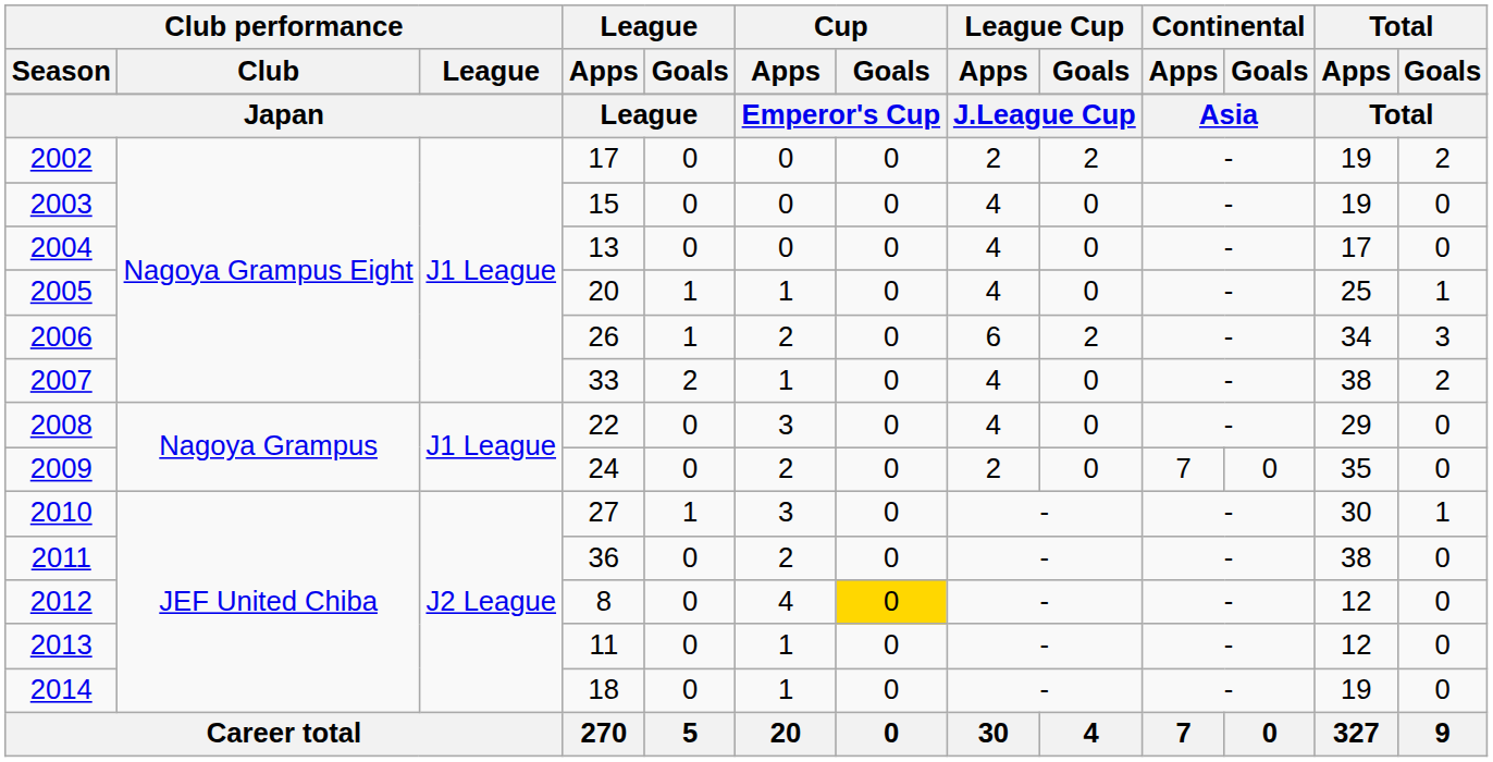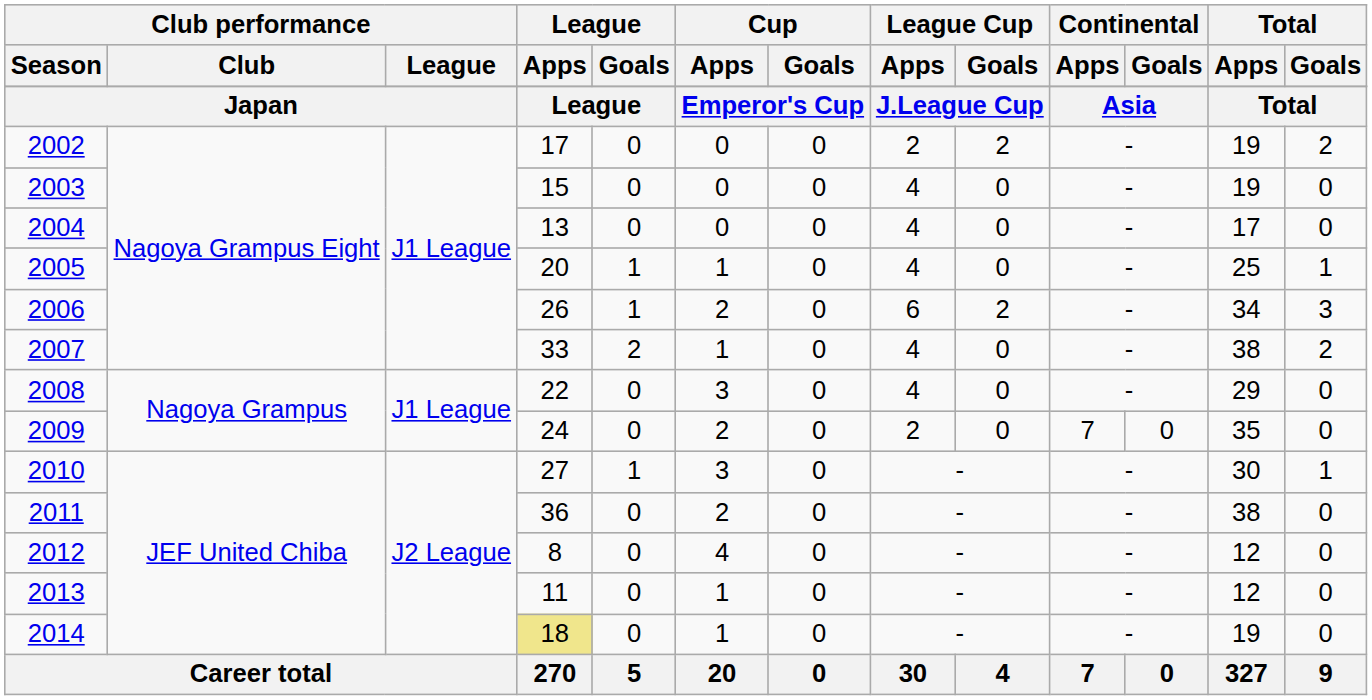 <table class="wikitable" style="text-align:center">
 <tr>
 <th colspan=3>Club performance</th>
 <th colspan=2>League</th>
 <th colspan=2>Cup</th>
 <th colspan=2>League Cup</th>
 <th colspan=2>Continental</th>
 <th colspan=2>Total</th>
 </tr>
 <tr>
 <th>Season</th>
 <th>Club</th>
 <th>League</th>
 <th>Apps</th>
 <th>Goals</th>
 <th>Apps</th>
 <th>Goals</th>
 <th>Apps</th>
 <th>Goals</th>
 <th>Apps</th>
 <th>Goals</th>
 <th>Apps</th>
 <th>Goals</th>
 </tr>
 <tr>
 </tr>
 <tr>
 <th colspan=3>Japan</th>
 <th colspan=2>League</th>
 <th colspan=2><a href='#'>Emperor's Cup</a></th>
 <th colspan=2><a href='#'>J.League Cup</a></th>
 <th colspan=2><a href='#'>Asia</a></th>
 <th colspan=2>Total</th>
 </tr>
 <tr>
 <td><a href='#'>2002</a></td>
 <td rowspan="6"><a href='#'>Nagoya Grampus Eight</a></td>
 <td rowspan="6"><a href='#'>J1 League</a></td>
 <td>17</td>
 <td>0</td>
 <td>0</td>
 <td>0</td>
 <td>2</td>
 <td>2</td>
 <td colspan="2">-</td>
 <td>19</td>
 <td>2</td>
 </tr>
 <tr>
 <td><a href='#'>2003</a></td>
 <td>15</td>
 <td>0</td>
 <td>0</td>
 <td>0</td>
 <td>4</td>
 <td>0</td>
 <td colspan="2">-</td>
 <td>19</td>
 <td>0</td>
 </tr>
 <tr>
 <td><a href='#'>2004</a></td>
 <td>13</td>
 <td>0</td>
 <td>0</td>
 <td>0</td>
 <td>4</td>
 <td>0</td>
 <td colspan="2">-</td>
 <td>17</td>
 <td>0</td>
 </tr>
 <tr>
 <td><a href='#'>2005</a></td>
 <td>20</td>
 <td>1</td>
 <td>1</td>
 <td>0</td>
 <td>4</td>
 <td>0</td>
 <td colspan="2">-</td>
 <td>25</td>
 <td>1</td>
 </tr>
 <tr>
 <td><a href='#'>2006</a></td>
 <td>26</td>
 <td>1</td>
 <td>2</td>
 <td>0</td>
 <td>6</td>
 <td>2</td>
 <td colspan="2">-</td>
 <td>34</td>
 <td>3</td>
 </tr>
 <tr>
 <td><a href='#'>2007</a></td>
 <td>33</td>
 <td>2</td>
 <td>1</td>
 <td>0</td>
 <td>4</td>
 <td>0</td>
 <td colspan="2">-</td>
 <td>38</td>
 <td>2</td>
 </tr>
 <tr>
 <td><a href='#'>2008</a></td>
 <td rowspan="2"><a href='#'>Nagoya Grampus</a></td>
 <td rowspan="2"><a href='#'>J1 League</a></td>
 <td>22</td>
 <td>0</td>
 <td>3</td>
 <td>0</td>
 <td>4</td>
 <td>0</td>
 <td colspan="2">-</td>
 <td>29</td>
 <td>0</td>
 </tr>
 <tr>
 <td><a href='#'>2009</a></td>
 <td>24</td>
 <td>0</td>
 <td>2</td>
 <td>0</td>
 <td>2</td>
 <td>0</td>
 <td>7</td>
 <td>0</td>
 <td>35</td>
 <td>0</td>
 </tr>
 <tr>
 <td><a href='#'>2010</a></td>
 <td rowspan="5"><a href='#'>JEF United Chiba</a></td>
 <td rowspan="5"><a href='#'>J2 League</a></td>
 <td>27</td>
 <td>1</td>
 <td>3</td>
 <td>0</td>
 <td colspan="2">-</td>
 <td colspan="2">-</td>
 <td>30</td>
 <td>1</td>
 </tr>
 <tr>
 <td><a href='#'>2011</a></td>
 <td>36</td>
 <td>0</td>
 <td>2</td>
 <td>0</td>
 <td colspan="2">-</td>
 <td colspan="2">-</td>
 <td>38</td>
 <td>0</td>
 </tr>
 <tr>
 <td><a href='#'>2012</a></td>
 <td>8</td>
 <td>0</td>
 <td>4</td>
-<td style="background: gold;">0</td>
+<td>0</td>
 <td colspan="2">-</td>
 <td colspan="2">-</td>
 <td>12</td>
 <td>0</td>
 </tr>
 <tr>
 <td><a href='#'>2013</a></td>
 <td>11</td>
 <td>0</td>
 <td>1</td>
 <td>0</td>
 <td colspan="2">-</td>
 <td colspan="2">-</td>
 <td>12</td>
 <td>0</td>
 </tr>
 <tr>
 <td><a href='#'>2014</a></td>
-<td>18</td>
+<td style="background: khaki;">18</td>
 <td>0</td>
 <td>1</td>
 <td>0</td>
 <td colspan="2">-</td>
 <td colspan="2">-</td>
 <td>19</td>
 <td>0</td>
 </tr>
 <tr>
 <th colspan=3>Career total</th>
 <th>270</th>
 <th>5</th>
 <th>20</th>
 <th>0</th>
 <th>30</th>
 <th>4</th>
 <th>7</th>
 <th>0</th>
 <th>327</th>
 <th>9</th>
 </tr>
 </table>
